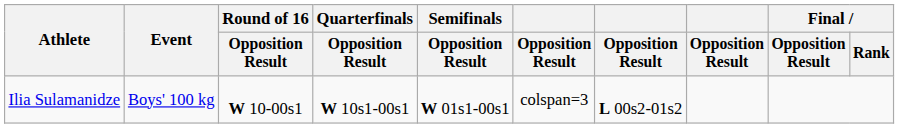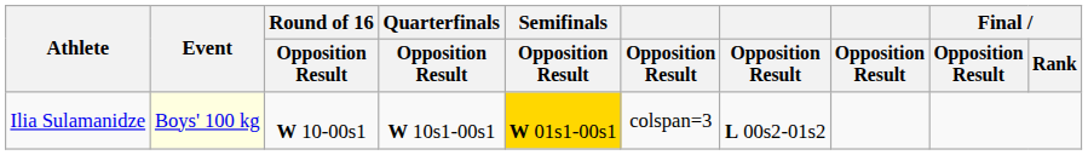 <table class="wikitable" style="text-align:center;font-size:90%">
 <tr>
 <th rowspan=2>Athlete</th>
 <th rowspan=2>Event</th>
 <th>Round of 16</th>
 <th>Quarterfinals</th>
 <th>Semifinals</th>
 <th></th>
 <th></th>
 <th></th>
 <th colspan=2>Final / </th>
 </tr>
 <tr style="font-size:95%">
 <th>Opposition<br>Result</th>
 <th>Opposition<br>Result</th>
 <th>Opposition<br>Result</th>
 <th>Opposition<br>Result</th>
 <th>Opposition<br>Result</th>
 <th>Opposition<br>Result</th>
 <th>Opposition<br>Result</th>
 <th>Rank</th>
 </tr>
 <tr align=center>
 <td align=left><a href='#'>Ilia Sulamanidze</a></td>
-<td align=left><a href='#'>Boys' 100 kg</a></td>
+<td align=left style="background: lightyellow;"><a href='#'>Boys' 100 kg</a></td>
 <td><br> <strong>W</strong> 10-00s1</td>
 <td><br> <strong>W</strong> 10s1-00s1</td>
-<td><br> <strong>W</strong> 01s1-00s1</td>
+<td style="background: gold;"><br> <strong>W</strong> 01s1-00s1</td>
 <td>colspan=3 </td>
 <td><br> <strong>L</strong> 00s2-01s2</td>
 <td></td>
 </tr>
 </table>
